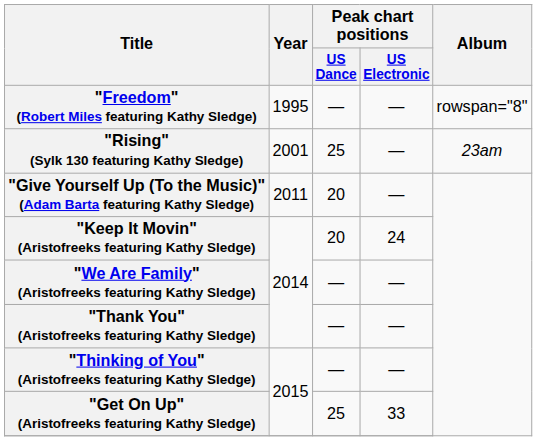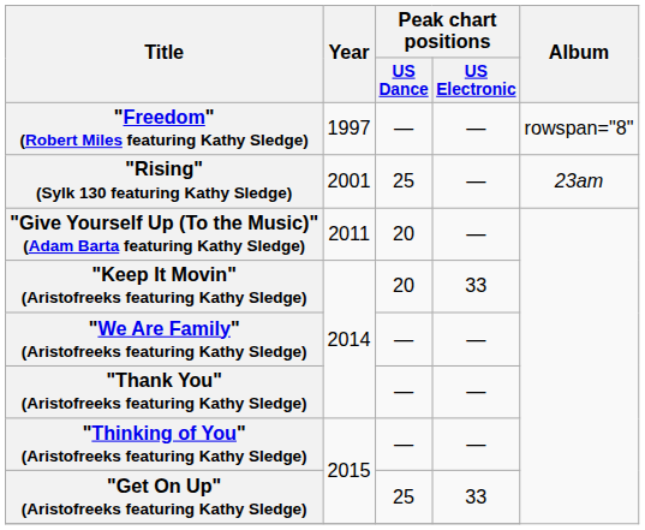 <table class="wikitable plainrowheaders" style="text-align: center;" border="1">
 <tr>
 <th rowspan="2">Title</th>
 <th rowspan="2">Year</th>
 <th colspan="2">Peak chart positions</th>
 <th rowspan="2">Album</th>
 </tr>
 <tr>
 <th scope="col" style="width:2.75em;font-size:85%;"><a href='#'>US Dance</a><br></th>
 <th scope="col" style="width:2.75em;font-size:85%;"><a href='#'>US Electronic</a><br></th>
 </tr>
 <tr>
 <th scope="row">"<a href='#'>Freedom</a>"<br><small>(<a href='#'>Robert Miles</a> featuring Kathy Sledge)</small></th>
-<td rowspan="1">1995</td>
+<td rowspan="1">1997</td>
 <td>—</td>
 <td>—</td>
 <td>rowspan="8" </td>
 </tr>
 <tr>
 <th scope="row">"Rising"<br><small>(Sylk 130 featuring Kathy Sledge)</small></th>
 <td rowspan="1">2001</td>
 <td>25</td>
 <td>—</td>
 <td rowspan="1"><em>23am</em></td>
 </tr>
 <tr>
 <th scope="row">"Give Yourself Up (To the Music)"<br><small>(<a href='#'>Adam Barta</a> featuring Kathy Sledge)</small></th>
 <td rowspan="1">2011</td>
 <td>20</td>
 <td>—</td>
 </tr>
 <tr>
 <th scope="row">"Keep It Movin"<br><small>(Aristofreeks featuring Kathy Sledge)</small></th>
 <td rowspan="3">2014</td>
 <td>20</td>
-<td>24</td>
+<td>33</td>
 </tr>
 <tr>
 <th scope="row">"<a href='#'>We Are Family</a>"<br><small>(Aristofreeks featuring Kathy Sledge)</small></th>
 <td>—</td>
 <td>—</td>
 </tr>
 <tr>
 <th scope="row">"Thank You"<br><small>(Aristofreeks featuring Kathy Sledge)</small></th>
 <td>—</td>
 <td>—</td>
 </tr>
 <tr>
 <th scope="row">"<a href='#'>Thinking of You</a>"<br><small>(Aristofreeks featuring Kathy Sledge)</small></th>
 <td rowspan="2">2015</td>
 <td>—</td>
 <td>—</td>
 </tr>
 <tr>
 <th scope="row">"Get On Up"<br><small>(Aristofreeks featuring Kathy Sledge)</small></th>
 <td>25</td>
 <td>33</td>
 </tr>
 <tr>
 </tr>
 </table>
